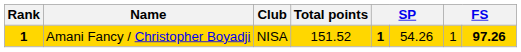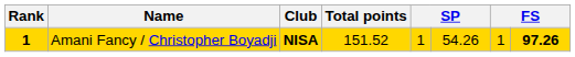 <table class="wikitable sortable">
 <tr>
 <th>Rank</th>
 <th>Name</th>
 <th>Club</th>
 <th>Total points</th>
 <th colspan="2" width="80px"><a href='#'>SP</a></th>
 <th colspan="2" width="80px"><a href='#'>FS</a></th>
 </tr>
 <tr bgcolor="gold">
 <td align="center"><strong>1</strong></td>
 <td>Amani Fancy / <a href='#'>Christopher Boyadji</a></td>
-<td>NISA</td>
+<td><strong>NISA</strong></td>
 <td align="center">151.52</td>
-<td align="center"><strong>1</strong></td>
+<td align="center">1</td>
 <td align="center">54.26</td>
 <td align="center">1</td>
 <td align="center"><strong>97.26</strong></td>
 </tr>
 </table>
